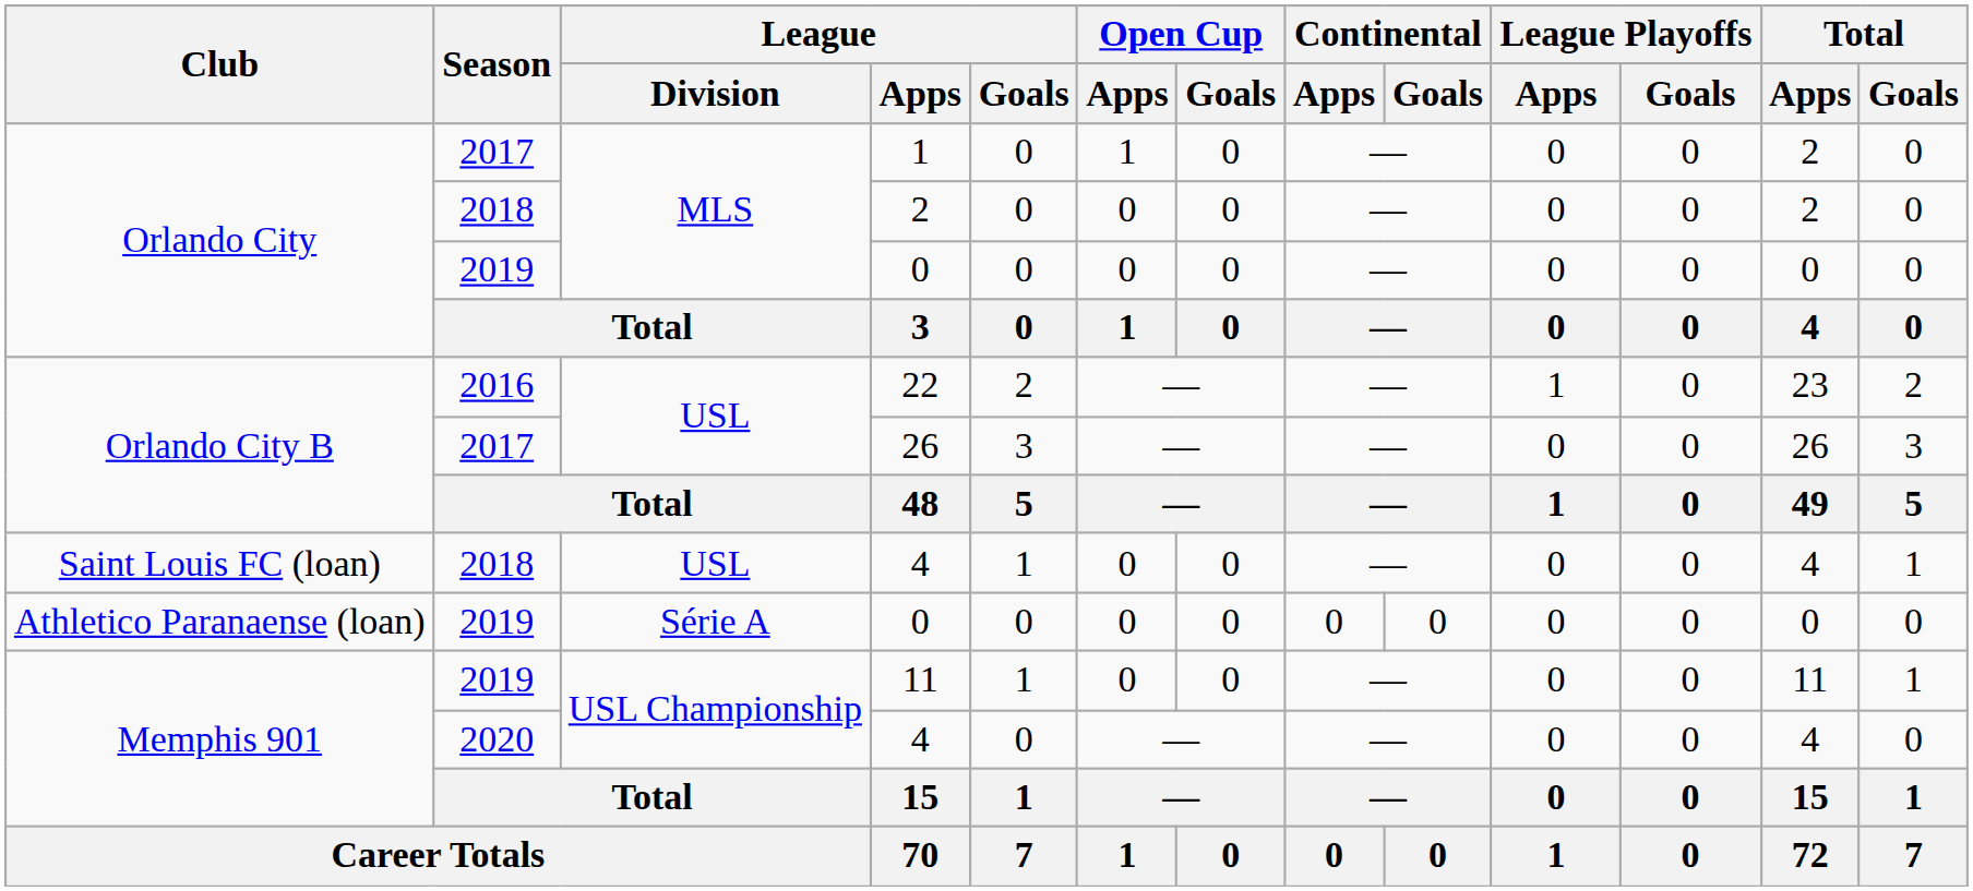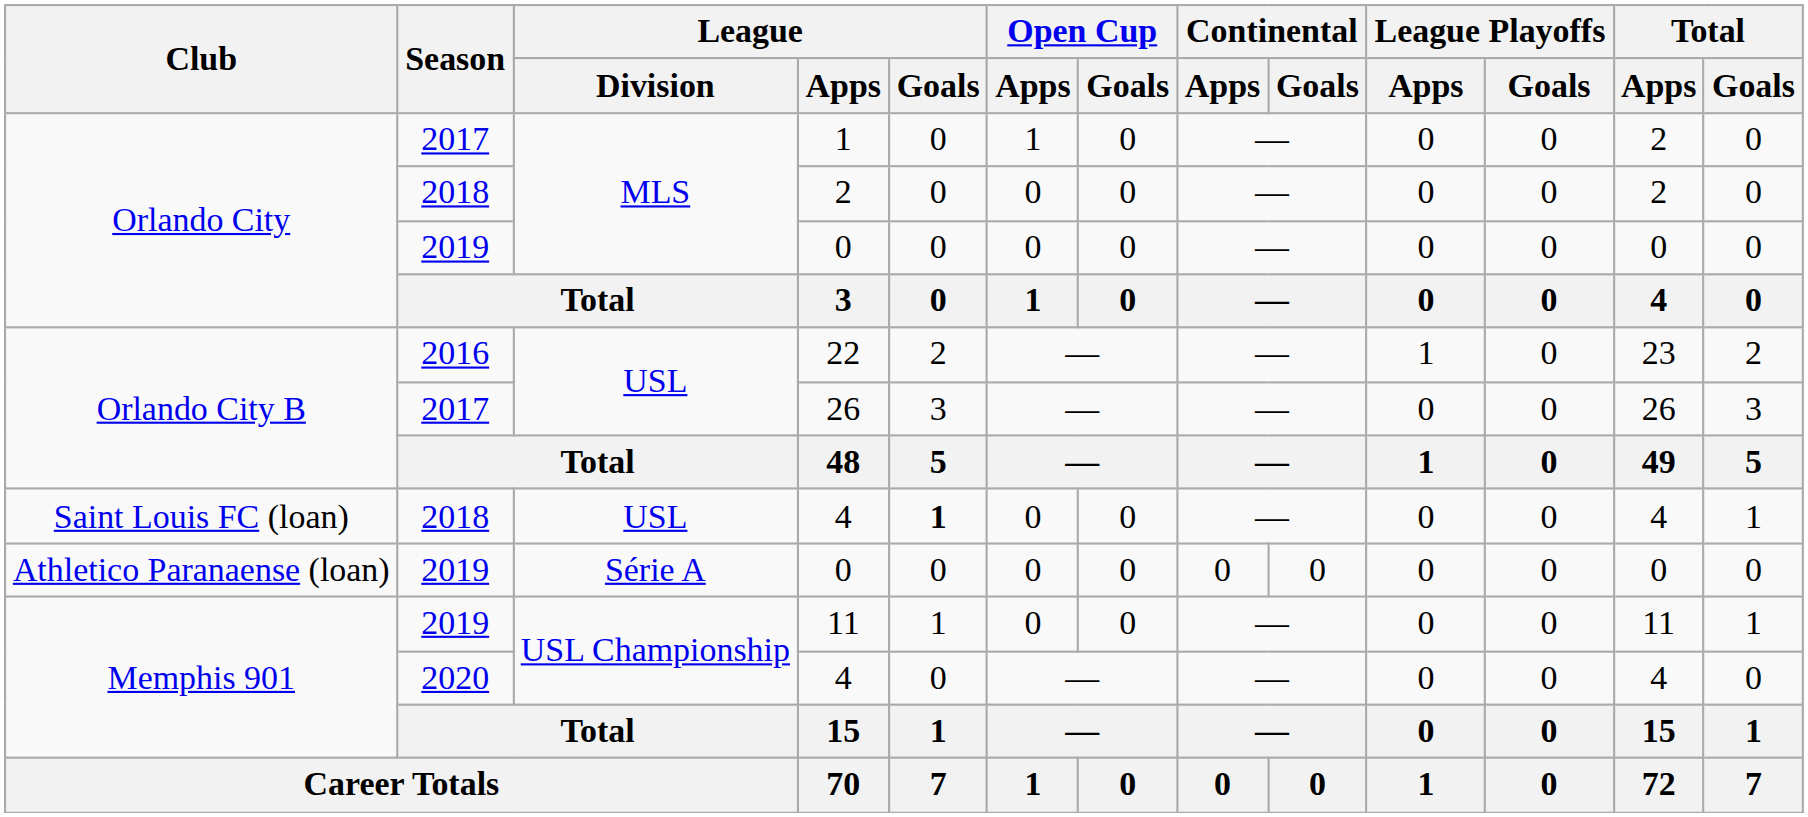 <table class="wikitable" style="text-align:center;">
 <tr>
 <th rowspan="2">Club</th>
 <th rowspan="2">Season</th>
 <th colspan="3">League</th>
 <th colspan="2"><a href='#'>Open Cup</a></th>
 <th colspan="2">Continental</th>
 <th colspan="2">League Playoffs</th>
 <th colspan="2">Total</th>
 </tr>
 <tr>
 <th>Division</th>
 <th>Apps</th>
 <th>Goals</th>
 <th>Apps</th>
 <th>Goals</th>
 <th>Apps</th>
 <th>Goals</th>
 <th>Apps</th>
 <th>Goals</th>
 <th>Apps</th>
 <th>Goals</th>
 </tr>
 <tr>
 <td rowspan="4"><a href='#'>Orlando City</a></td>
 <td><a href='#'>2017</a></td>
 <td rowspan="3"><a href='#'>MLS</a></td>
 <td>1</td>
 <td>0</td>
 <td>1</td>
 <td>0</td>
 <td colspan="2">—</td>
 <td>0</td>
 <td>0</td>
 <td>2</td>
 <td>0</td>
 </tr>
 <tr>
 <td><a href='#'>2018</a></td>
 <td>2</td>
 <td>0</td>
 <td>0</td>
 <td>0</td>
 <td colspan="2">—</td>
 <td>0</td>
 <td>0</td>
 <td>2</td>
 <td>0</td>
 </tr>
 <tr>
 <td><a href='#'>2019</a></td>
 <td>0</td>
 <td>0</td>
 <td>0</td>
 <td>0</td>
 <td colspan="2">—</td>
 <td>0</td>
 <td>0</td>
 <td>0</td>
 <td>0</td>
 </tr>
 <tr>
 <th colspan="2">Total</th>
 <th>3</th>
 <th>0</th>
 <th>1</th>
 <th>0</th>
 <th colspan="2">—</th>
 <th>0</th>
 <th>0</th>
 <th>4</th>
 <th>0</th>
 </tr>
 <tr>
 <td rowspan="3"><a href='#'>Orlando City B</a></td>
 <td><a href='#'>2016</a></td>
 <td rowspan="2"><a href='#'>USL</a></td>
 <td>22</td>
 <td>2</td>
 <td colspan="2">—</td>
 <td colspan="2">—</td>
 <td>1</td>
 <td>0</td>
 <td>23</td>
 <td>2</td>
 </tr>
 <tr>
 <td><a href='#'>2017</a></td>
 <td>26</td>
 <td>3</td>
 <td colspan="2">—</td>
 <td colspan="2">—</td>
 <td>0</td>
 <td>0</td>
 <td>26</td>
 <td>3</td>
 </tr>
 <tr>
 <th colspan="2">Total</th>
 <th>48</th>
 <th>5</th>
 <th colspan="2">—</th>
 <th colspan="2">—</th>
 <th>1</th>
 <th>0</th>
 <th>49</th>
 <th>5</th>
 </tr>
 <tr>
 <td><a href='#'>Saint Louis FC</a> (loan)</td>
 <td><a href='#'>2018</a></td>
 <td><a href='#'>USL</a></td>
 <td>4</td>
-<td>1</td>
+<td><strong>1</strong></td>
 <td>0</td>
 <td>0</td>
 <td colspan="2">—</td>
 <td>0</td>
 <td>0</td>
 <td>4</td>
 <td>1</td>
 </tr>
 <tr>
 <td><a href='#'>Athletico Paranaense</a> (loan)</td>
 <td><a href='#'>2019</a></td>
 <td><a href='#'>Série A</a></td>
 <td>0</td>
 <td>0</td>
 <td>0</td>
 <td>0</td>
 <td>0</td>
 <td>0</td>
 <td>0</td>
 <td>0</td>
 <td>0</td>
 <td>0</td>
 </tr>
 <tr>
 <td rowspan="3"><a href='#'>Memphis 901</a></td>
 <td><a href='#'>2019</a></td>
 <td rowspan="2"><a href='#'>USL Championship</a></td>
 <td>11</td>
 <td>1</td>
 <td>0</td>
 <td>0</td>
 <td colspan="2">—</td>
 <td>0</td>
 <td>0</td>
 <td>11</td>
 <td>1</td>
 </tr>
 <tr>
 <td><a href='#'>2020</a></td>
 <td>4</td>
 <td>0</td>
 <td colspan="2">—</td>
 <td colspan="2">—</td>
 <td>0</td>
 <td>0</td>
 <td>4</td>
 <td>0</td>
 </tr>
 <tr>
 <th colspan="2">Total</th>
 <th>15</th>
 <th>1</th>
 <th colspan="2">—</th>
 <th colspan="2">—</th>
 <th>0</th>
 <th>0</th>
 <th>15</th>
 <th>1</th>
 </tr>
 <tr>
 <th colspan="3">Career Totals</th>
 <th>70</th>
 <th>7</th>
 <th>1</th>
 <th>0</th>
 <th>0</th>
 <th>0</th>
 <th>1</th>
 <th>0</th>
 <th>72</th>
 <th>7</th>
 </tr>
 </table>
